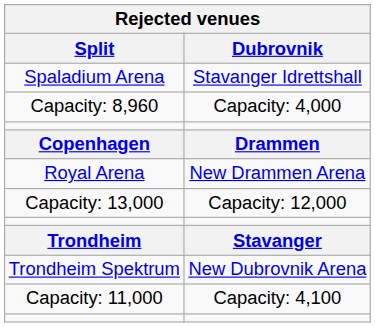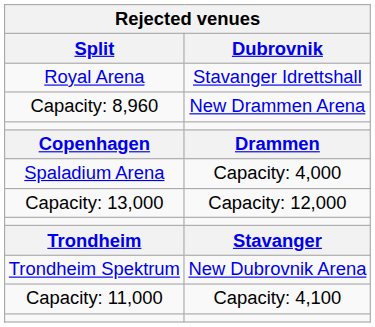 <table class="wikitable collapsible collapsed" style="text-align: center;">
 <tr>
 <th colspan="2">Rejected venues</th>
 </tr>
 <tr>
 <th> <a href='#'>Split</a></th>
 <th> <a href='#'>Dubrovnik</a></th>
 </tr>
 <tr>
-<td><a href='#'>Spaladium Arena</a></td>
+<td><a href='#'>Royal Arena</a></td>
 <td><a href='#'>Stavanger Idrettshall</a></td>
 </tr>
 <tr>
 <td>Capacity: 8,960</td>
-<td>Capacity: 4,000</td>
+<td><a href='#'>New Drammen Arena</a></td>
 </tr>
 <tr>
 <td></td>
 <td></td>
 </tr>
 <tr>
 <th> <a href='#'>Copenhagen</a></th>
 <th> <a href='#'>Drammen</a></th>
 </tr>
 <tr>
-<td><a href='#'>Royal Arena</a></td>
-<td><a href='#'>New Drammen Arena</a></td>
+<td><a href='#'>Spaladium Arena</a></td>
+<td>Capacity: 4,000</td>
 </tr>
 <tr>
 <td>Capacity: 13,000</td>
 <td>Capacity: 12,000</td>
 </tr>
 <tr>
 <td></td>
 <td></td>
 </tr>
 <tr>
 <th> <a href='#'>Trondheim</a></th>
 <th> <a href='#'>Stavanger</a></th>
 </tr>
 <tr>
 <td><a href='#'>Trondheim Spektrum</a></td>
 <td><a href='#'>New Dubrovnik Arena</a></td>
 </tr>
 <tr>
 <td>Capacity: 11,000</td>
 <td>Capacity: 4,100</td>
 </tr>
 <tr>
 <td></td>
 <td></td>
 </tr>
 </table>
